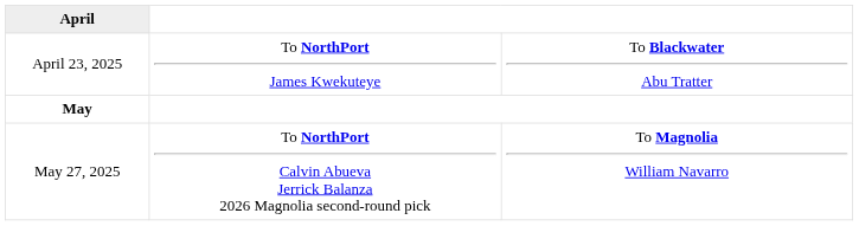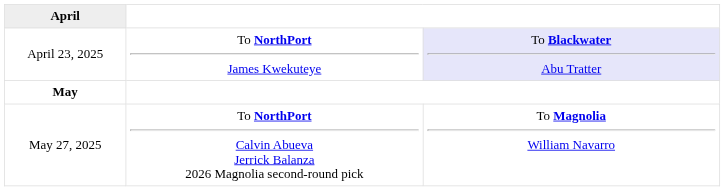 <table border=1 style="border-collapse:collapse; text-align: center; width: 100%" bordercolor="#DFDFDF"  cellpadding="5">
 <tr bgcolor="eeeeee">
 <th>April</th>
 </tr>
 <tr>
 <td style="width:12%">April 23, 2025</td>
 <td style="width:29.3%" valign="top">To <strong><a href='#'>NorthPort</a></strong><hr><a href='#'>James Kwekuteye</a></td>
-<td style="width:29.3%" valign="top">To <strong><a href='#'>Blackwater</a></strong><hr><a href='#'>Abu Tratter</a></td>
+<td style="background: lavender; width:29.3%" valign="top">To <strong><a href='#'>Blackwater</a></strong><hr><a href='#'>Abu Tratter</a></td>
 </tr>
 <tr>
 <th>May</th>
 </tr>
 <tr>
 <td style="width:12%" rowspan=2>May 27, 2025</td>
 <td style="width:29.3%" valign="top">To <strong><a href='#'>NorthPort</a></strong><hr><a href='#'>Calvin Abueva</a><br><a href='#'>Jerrick Balanza</a><br>2026 Magnolia second-round pick</td>
 <td style="width:29.3%" valign="top">To <strong><a href='#'>Magnolia</a></strong><hr><a href='#'>William Navarro</a></td>
 </tr>
 </table>
